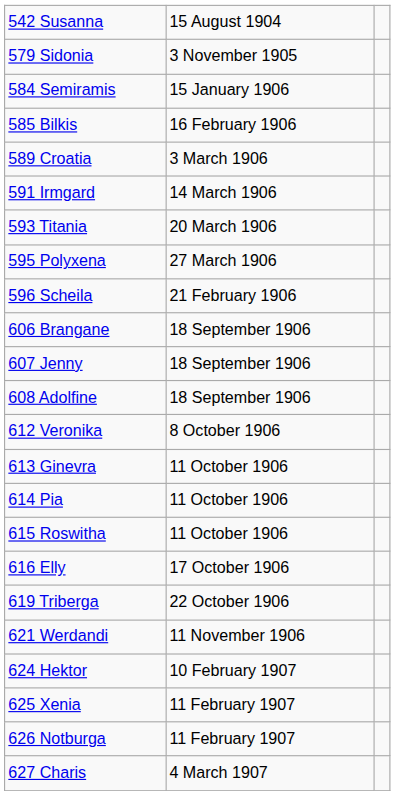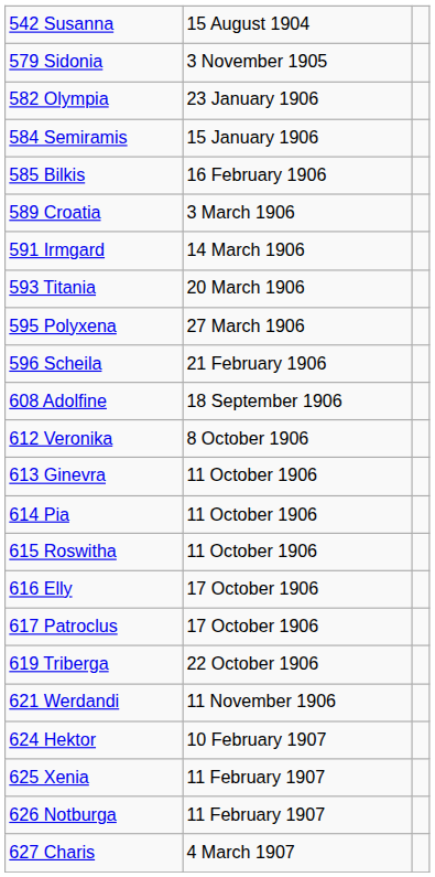 <table class="wikitable" style="font-size: 89%; float: left; width: 24em; margin-right: 1em; line-height: 1.65em !important; height: 675px;">
 <tr>
 <td><a href='#'>542 Susanna</a></td>
 <td>15 August 1904</td>
 <td> </td>
 </tr>
 <tr>
 <td><a href='#'>579 Sidonia</a></td>
 <td>3 November 1905</td>
+<td></td>
+</tr>
+<tr>
+<td><a href='#'>582 Olympia</a></td>
+<td>23 January 1906</td>
 <td></td>
 </tr>
 <tr>
 <td><a href='#'>584 Semiramis</a></td>
 <td>15 January 1906</td>
 <td></td>
 </tr>
 <tr>
 <td><a href='#'>585 Bilkis</a></td>
 <td>16 February 1906</td>
 <td></td>
 </tr>
 <tr>
 <td><a href='#'>589 Croatia</a></td>
 <td>3 March 1906</td>
 <td></td>
 </tr>
 <tr>
 <td><a href='#'>591 Irmgard</a></td>
 <td>14 March 1906</td>
 <td></td>
 </tr>
 <tr>
 <td><a href='#'>593 Titania</a></td>
 <td>20 March 1906</td>
 <td></td>
 </tr>
 <tr>
 <td><a href='#'>595 Polyxena</a></td>
 <td>27 March 1906</td>
 <td></td>
 </tr>
 <tr>
 <td><a href='#'>596 Scheila</a></td>
 <td>21 February 1906</td>
 <td></td>
 </tr>
 <tr>
-<td><a href='#'>606 Brangane</a></td>
-<td>18 September 1906</td>
-<td></td>
-</tr>
-<tr>
-<td><a href='#'>607 Jenny</a></td>
-<td>18 September 1906</td>
-<td></td>
-</tr>
-<tr>
 <td><a href='#'>608 Adolfine</a></td>
 <td>18 September 1906</td>
 <td></td>
 </tr>
 <tr>
 <td><a href='#'>612 Veronika</a></td>
 <td>8 October 1906</td>
 <td></td>
 </tr>
 <tr>
 <td><a href='#'>613 Ginevra</a></td>
 <td>11 October 1906</td>
 <td></td>
 </tr>
 <tr>
 <td><a href='#'>614 Pia</a></td>
 <td>11 October 1906</td>
 <td></td>
 </tr>
 <tr>
 <td><a href='#'>615 Roswitha</a></td>
 <td>11 October 1906</td>
 <td></td>
 </tr>
 <tr>
 <td><a href='#'>616 Elly</a></td>
+<td>17 October 1906</td>
+<td></td>
+</tr>
+<tr>
+<td><a href='#'>617 Patroclus</a></td>
 <td>17 October 1906</td>
 <td></td>
 </tr>
 <tr>
 <td><a href='#'>619 Triberga</a></td>
 <td>22 October 1906</td>
 <td></td>
 </tr>
 <tr>
 <td><a href='#'>621 Werdandi</a></td>
 <td>11 November 1906</td>
 <td></td>
 </tr>
 <tr>
 <td><a href='#'>624 Hektor</a></td>
 <td>10 February 1907</td>
 <td></td>
 </tr>
 <tr>
 <td><a href='#'>625 Xenia</a></td>
 <td>11 February 1907</td>
 <td></td>
 </tr>
 <tr>
 <td><a href='#'>626 Notburga</a></td>
 <td>11 February 1907</td>
 <td></td>
 </tr>
 <tr>
 <td><a href='#'>627 Charis</a></td>
 <td>4 March 1907</td>
 <td></td>
 </tr>
 </table>
